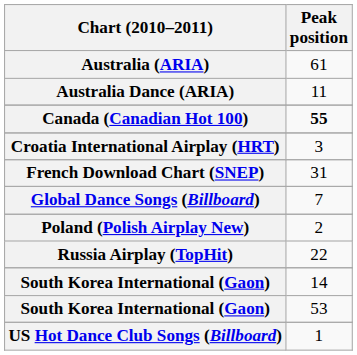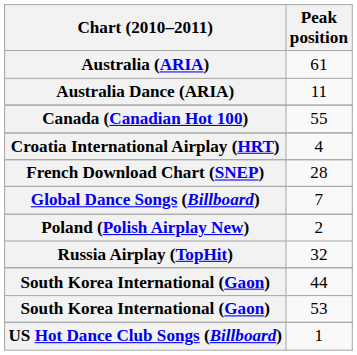 <table class="wikitable sortable plainrowheaders" style="text-align:center;">
 <tr>
 <th scope="col">Chart (2010–2011)</th>
 <th scope="col">Peak<br>position</th>
 </tr>
 <tr>
 <th scope="row">Australia (<a href='#'>ARIA</a>)</th>
 <td style="text-align:center;">61</td>
 </tr>
 <tr>
 <th scope="row">Australia Dance (ARIA)</th>
 <td style="text-align:center;">11</td>
 </tr>
 <tr>
 </tr>
 <tr>
 </tr>
 <tr>
 </tr>
 <tr>
 <th scope="row">Canada (<a href='#'>Canadian Hot 100</a>)</th>
-<td style="text-align:center;"><strong>55</strong></td>
+<td style="text-align:center;">55</td>
 </tr>
 <tr>
 </tr>
 <tr>
 <th scope="row">Croatia International Airplay (<a href='#'>HRT</a>)</th>
-<td>3</td>
+<td>4</td>
 </tr>
 <tr>
 </tr>
 <tr>
 </tr>
 <tr>
 </tr>
 <tr>
 </tr>
 <tr>
 <th scope="row">French Download Chart (<a href='#'>SNEP</a>)</th>
-<td style="text-align:center;">31</td>
+<td style="text-align:center;">28</td>
 </tr>
 <tr>
 </tr>
 <tr>
 <th scope="row"><a href='#'>Global Dance Songs</a> (<em><a href='#'>Billboard</a></em>)</th>
 <td style="text-align:center;">7</td>
 </tr>
 <tr>
 </tr>
 <tr>
 </tr>
 <tr>
 </tr>
 <tr>
 </tr>
 <tr>
 </tr>
 <tr>
 </tr>
 <tr>
 </tr>
 <tr>
 </tr>
 <tr>
 <th scope="row">Poland (<a href='#'>Polish Airplay New</a>)</th>
 <td align="center">2</td>
 </tr>
 <tr>
 <th scope="row">Russia Airplay (<a href='#'>TopHit</a>)</th>
-<td align="center">22</td>
+<td align="center">32</td>
 </tr>
 <tr>
 </tr>
 <tr>
 </tr>
 <tr>
 <th scope="row">South Korea International (<a href='#'>Gaon</a>)</th>
-<td style="text-align:center;">14</td>
+<td style="text-align:center;">44</td>
 </tr>
 <tr>
 <th scope="row">South Korea International (<a href='#'>Gaon</a>)<br></th>
 <td style="text-align:center;">53</td>
 </tr>
 <tr>
 </tr>
 <tr>
 </tr>
 <tr>
 </tr>
 <tr>
 </tr>
 <tr>
 <th scope="row">US <a href='#'>Hot Dance Club Songs</a> (<a href='#'><em>Billboard</em></a>)</th>
 <td style="text-align:center;">1</td>
 </tr>
 </table>
